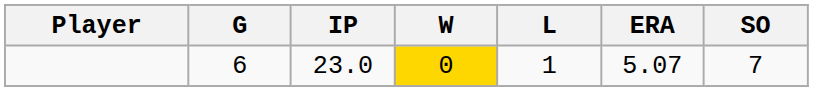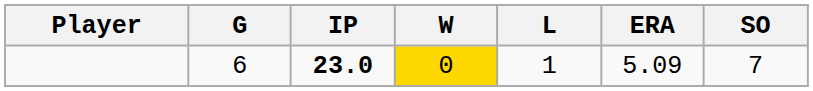 <table class="wikitable sortable">
 <tr>
 <th bgcolor="#DDDDFF" width="16%">Player</th>
 <th bgcolor="#DDDDFF" width="9%">G</th>
 <th bgcolor="#DDDDFF" width="9%">IP</th>
 <th bgcolor="#DDDDFF" width="9%">W</th>
 <th bgcolor="#DDDDFF" width="9%">L</th>
 <th bgcolor="#DDDDFF" width="9%">ERA</th>
 <th bgcolor="#DDDDFF" width="9%">SO</th>
 </tr>
 <tr align="center">
 <td></td>
 <td>6</td>
-<td>23.0</td>
+<td><strong>23.0</strong></td>
 <td style="background: gold;">0</td>
 <td>1</td>
-<td>5.07</td>
+<td>5.09</td>
 <td>7</td>
 </tr>
 </table>
